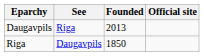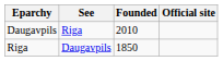 <table class=wikitable>
 <tr>
 <th>Eparchy</th>
 <th>See</th>
 <th>Founded</th>
 <th>Official site</th>
 </tr>
 <tr>
 <td>Daugavpils</td>
 <td><a href='#'>Riga</a></td>
-<td>2013</td>
+<td>2010</td>
 <td></td>
 </tr>
 <tr>
 <td>Riga</td>
 <td><a href='#'>Daugavpils</a></td>
 <td>1850</td>
 <td></td>
 </tr>
 </table>
